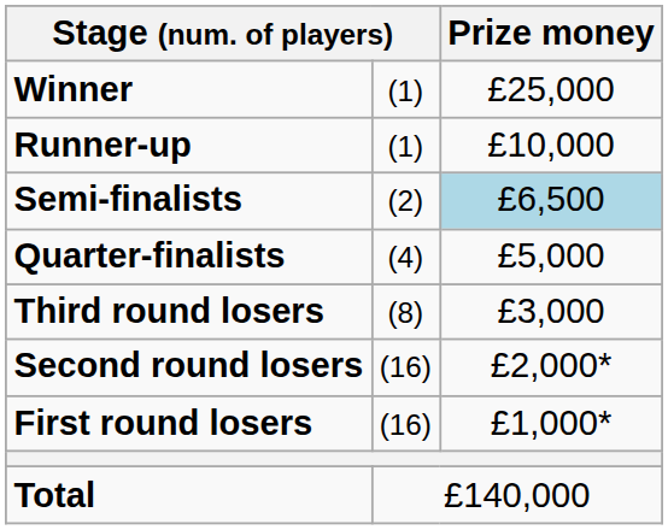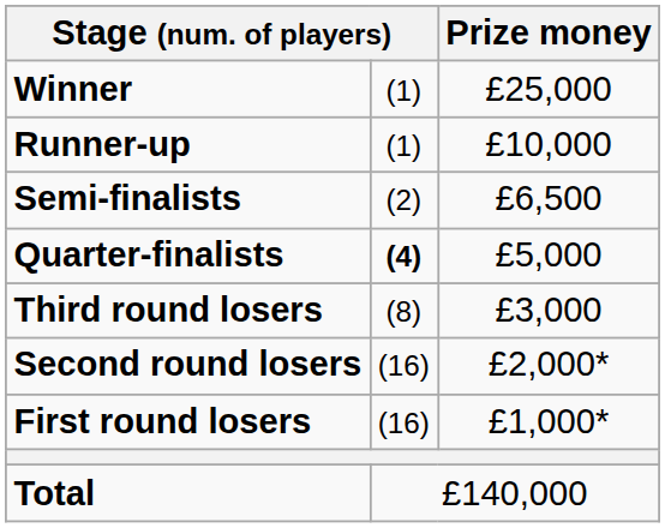 <table class="wikitable">
 <tr>
 <th colspan=2>Stage <small>(num. of players)</small></th>
 <th>Prize money</th>
 </tr>
 <tr>
 <td><strong>Winner</strong></td>
 <td align=center><small>(1)</small></td>
 <td align=center>£25,000</td>
 </tr>
 <tr>
 <td><strong>Runner-up</strong></td>
 <td align=center><small>(1)</small></td>
 <td align=center>£10,000</td>
 </tr>
 <tr>
 <td><strong>Semi-finalists</strong></td>
 <td align=center><small>(2)</small></td>
-<td align=center style="background: lightblue;">£6,500</td>
+<td align=center>£6,500</td>
 </tr>
 <tr>
 <td><strong>Quarter-finalists</strong></td>
-<td align=center><small>(4)</small></td>
+<td align=center><strong><small>(4)</small></strong></td>
 <td align=center>£5,000</td>
 </tr>
 <tr>
 <td><strong>Third round losers</strong></td>
 <td align=center><small>(8)</small></td>
 <td align=center>£3,000</td>
 </tr>
 <tr>
 <td><strong>Second round losers</strong></td>
 <td align=center><small>(16)</small></td>
 <td align=center>£2,000*</td>
 </tr>
 <tr>
 <td><strong>First round losers</strong></td>
 <td align=center><small>(16)</small></td>
 <td align=center>£1,000*</td>
 </tr>
 <tr>
 <th colspan=3></th>
 </tr>
 <tr>
 <td><strong>Total</strong></td>
 <td align=center colspan=2>£140,000</td>
 </tr>
 </table>
